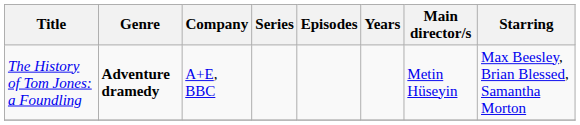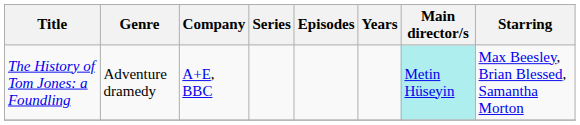 <table class="wikitable unsortable">
 <tr>
 <th>Title</th>
 <th>Genre</th>
 <th>Company</th>
 <th>Series</th>
 <th>Episodes</th>
 <th>Years</th>
 <th>Main director/s</th>
 <th>Starring</th>
 </tr>
 <tr>
 <td><em><a href='#'>The History of Tom Jones: a Foundling</a></em></td>
-<td><strong>Adventure dramedy</strong></td>
+<td>Adventure dramedy</td>
 <td><a href='#'>A+E</a>, <a href='#'>BBC</a></td>
 <td></td>
 <td></td>
 <td></td>
-<td><a href='#'>Metin Hüseyin</a></td>
+<td style="background: paleturquoise;"><a href='#'>Metin Hüseyin</a></td>
 <td><a href='#'>Max Beesley</a>, <a href='#'>Brian Blessed</a>, <a href='#'>Samantha Morton</a></td>
 </tr>
 <tr>
 </tr>
 </table>
